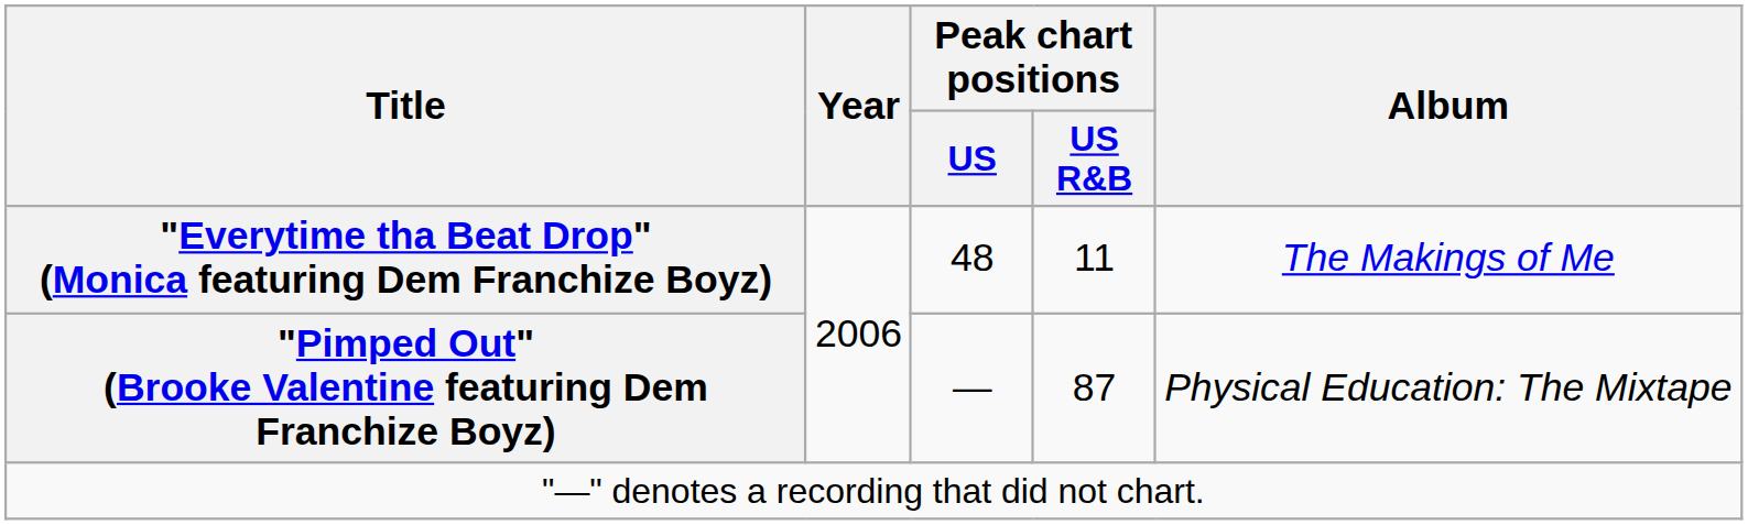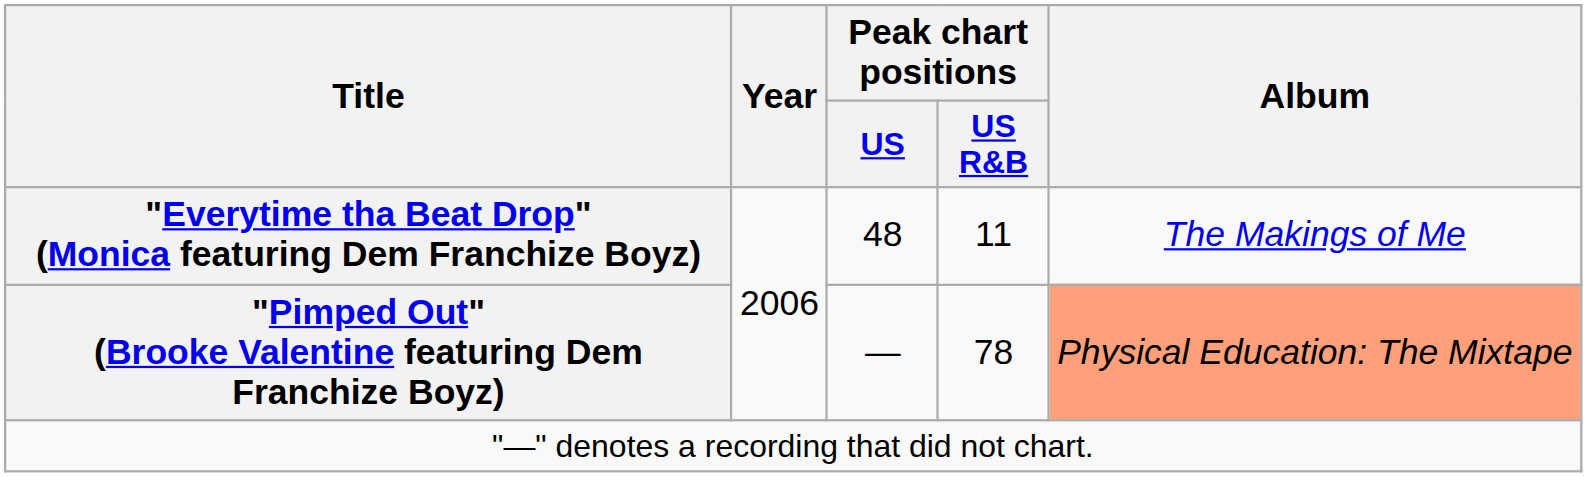 <table class="wikitable plainrowheaders" style="text-align:center;">
 <tr>
 <th scope="col" rowspan="2" style="width:20em;">Title</th>
 <th scope="col" rowspan="2">Year</th>
 <th scope="col" colspan="2">Peak chart positions</th>
 <th scope="col" rowspan="2">Album</th>
 </tr>
 <tr>
 <th style="width:3em;font-size:90%;"><a href='#'>US</a><br></th>
 <th style="width:3em;font-size:90%;"><a href='#'>US<br>R&B</a><br></th>
 </tr>
 <tr>
 <th scope="row">"<a href='#'>Everytime tha Beat Drop</a>"<br><span>(<a href='#'>Monica</a> featuring Dem Franchize Boyz)</span></th>
 <td rowspan="2">2006</td>
 <td>48</td>
 <td>11</td>
 <td><em><a href='#'>The Makings of Me</a></em></td>
 </tr>
 <tr>
 <th scope="row">"<a href='#'>Pimped Out</a>"<br><span>(<a href='#'>Brooke Valentine</a> featuring Dem Franchize Boyz)</span></th>
 <td>—</td>
-<td>87</td>
-<td><em>Physical Education: The Mixtape</em></td>
+<td>78</td>
+<td style="background: lightsalmon;"><em>Physical Education: The Mixtape</em></td>
 </tr>
 <tr>
 <td colspan="14" style="font-size:90%">"—" denotes a recording that did not chart.</td>
 </tr>
 </table>
